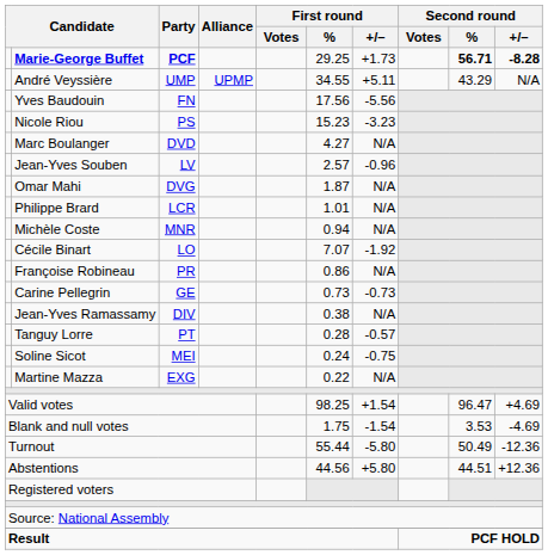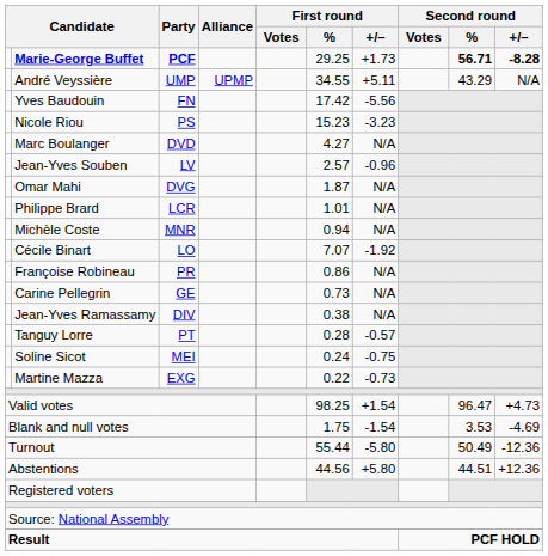 <table class="wikitable" style="text-align:right;font-size:95%;">
 <tr>
 <th rowspan="2" colspan="2">Candidate</th>
 <th rowspan="2">Party</th>
 <th rowspan="2">Alliance</th>
 <th colspan="3">First round</th>
 <th colspan="3">Second round</th>
 </tr>
 <tr>
 <th style="width:50px;">Votes</th>
 <th style="width:45px;">%</th>
 <th style="width:45px;">+/–</th>
 <th style="width:50px;">Votes</th>
 <th style="width:45px;">%</th>
 <th style="width:45px;">+/–</th>
 </tr>
 <tr>
 <td style="color:inherit;background:"></td>
 <td style="text-align:left;"><strong><a href='#'>Marie-George Buffet</a></strong></td>
 <td><a href='#'><strong>PCF</strong></a> </td>
 <td></td>
 <td></td>
 <td>29.25</td>
 <td>+1.73</td>
 <td><strong></strong></td>
 <td><strong>56.71</strong></td>
 <td><strong>-8.28</strong></td>
 </tr>
 <tr>
 <td style="color:inherit;background:"></td>
 <td style="text-align:left;">André Veyssière</td>
 <td><a href='#'>UMP</a> </td>
 <td><a href='#'>UPMP</a> </td>
 <td></td>
 <td>34.55</td>
 <td>+5.11</td>
 <td></td>
 <td>43.29</td>
 <td>N/A</td>
 </tr>
 <tr>
 <td style="color:inherit;background:"></td>
 <td style="text-align:left;">Yves Baudouin</td>
 <td><a href='#'>FN</a></td>
 <td></td>
 <td></td>
-<td>17.56</td>
+<td>17.42</td>
 <td>-5.56</td>
 <td colspan="3" style="background:#E9E9E9;"></td>
 </tr>
 <tr>
 <td style="color:inherit;background:"></td>
 <td style="text-align:left;">Nicole Riou</td>
 <td><a href='#'>PS</a></td>
 <td></td>
 <td></td>
 <td>15.23</td>
 <td>-3.23</td>
 <td colspan="3" style="background:#E9E9E9;"></td>
 </tr>
 <tr>
 <td style="color:inherit;background:"></td>
 <td style="text-align:left;">Marc Boulanger</td>
 <td><a href='#'>DVD</a></td>
 <td></td>
 <td></td>
 <td>4.27</td>
 <td>N/A</td>
 <td colspan="3" style="background:#E9E9E9;"></td>
 </tr>
 <tr>
 <td style="color:inherit;background:"></td>
 <td style="text-align:left;">Jean-Yves Souben</td>
 <td><a href='#'>LV</a></td>
 <td></td>
 <td></td>
 <td>2.57</td>
 <td>-0.96</td>
 <td colspan="3" style="background:#E9E9E9;"></td>
 </tr>
 <tr>
 <td style="color:inherit;background:"></td>
 <td style="text-align:left;">Omar Mahi</td>
 <td><a href='#'>DVG</a></td>
 <td></td>
 <td></td>
 <td>1.87</td>
 <td>N/A</td>
 <td colspan="3" style="background:#E9E9E9;"></td>
 </tr>
 <tr>
 <td style="color:inherit;background:"></td>
 <td style="text-align:left;">Philippe Brard</td>
 <td><a href='#'>LCR</a></td>
 <td></td>
 <td></td>
 <td>1.01</td>
 <td>N/A</td>
 <td colspan="3" style="background:#E9E9E9;"></td>
 </tr>
 <tr>
 <td style="color:inherit;background:"></td>
 <td style="text-align:left;">Michèle Coste</td>
 <td><a href='#'>MNR</a></td>
 <td></td>
 <td></td>
 <td>0.94</td>
 <td>N/A</td>
 <td colspan="3" style="background:#E9E9E9;"></td>
 </tr>
 <tr>
 <td style="color:inherit;background:"></td>
 <td style="text-align:left;">Cécile Binart</td>
 <td><a href='#'>LO</a></td>
 <td></td>
 <td></td>
 <td>7.07</td>
 <td>-1.92</td>
 <td colspan="3" style="background:#E9E9E9;"></td>
 </tr>
 <tr>
 <td style="color:inherit;background:"></td>
 <td style="text-align:left;">Françoise Robineau</td>
 <td><a href='#'>PR</a></td>
 <td></td>
 <td></td>
 <td>0.86</td>
 <td>N/A</td>
 <td colspan="3" style="background:#E9E9E9;"></td>
 </tr>
 <tr>
 <td style="color:inherit;background:"></td>
 <td style="text-align:left;">Carine Pellegrin</td>
 <td><a href='#'>GE</a></td>
 <td></td>
 <td></td>
 <td>0.73</td>
-<td>-0.73</td>
+<td>N/A</td>
 <td colspan="3" style="background:#E9E9E9;"></td>
 </tr>
 <tr>
 <td style="color:inherit;background:"></td>
 <td style="text-align:left;">Jean-Yves Ramassamy</td>
 <td><a href='#'>DIV</a></td>
 <td></td>
 <td></td>
 <td>0.38</td>
 <td>N/A</td>
 <td colspan="3" style="background:#E9E9E9;"></td>
 </tr>
 <tr>
 <td style="color:inherit;background:"></td>
 <td style="text-align:left;">Tanguy Lorre</td>
 <td><a href='#'>PT</a></td>
 <td></td>
 <td></td>
 <td>0.28</td>
 <td>-0.57</td>
 <td colspan="3" style="background:#E9E9E9;"></td>
 </tr>
 <tr>
 <td style="color:inherit;background:"></td>
 <td style="text-align:left;">Soline Sicot</td>
 <td><a href='#'>MEI</a></td>
 <td></td>
 <td></td>
 <td>0.24</td>
 <td>-0.75</td>
 <td colspan="3" style="background:#E9E9E9;"></td>
 </tr>
 <tr>
 <td style="color:inherit;background:"></td>
 <td style="text-align:left;">Martine Mazza</td>
 <td><a href='#'>EXG</a></td>
 <td></td>
 <td></td>
 <td>0.22</td>
-<td>N/A</td>
+<td>-0.73</td>
 <td colspan="3" style="background:#E9E9E9;"></td>
 </tr>
 <tr>
 <td colspan="10" style="background:#E9E9E9;"></td>
 </tr>
 <tr>
 <td colspan="4" style="text-align:left;">Valid votes</td>
 <td></td>
 <td>98.25</td>
 <td>+1.54</td>
 <td></td>
 <td>96.47</td>
-<td>+4.69</td>
+<td>+4.73</td>
 </tr>
 <tr>
 <td colspan="4" style="text-align:left;">Blank and null votes</td>
 <td></td>
 <td>1.75</td>
 <td>-1.54</td>
 <td></td>
 <td>3.53</td>
 <td>-4.69</td>
 </tr>
 <tr>
 <td colspan="4" style="text-align:left;">Turnout</td>
 <td></td>
 <td>55.44</td>
 <td>-5.80</td>
 <td></td>
 <td>50.49</td>
 <td>-12.36</td>
 </tr>
 <tr>
 <td colspan="4" style="text-align:left;">Abstentions</td>
 <td></td>
 <td>44.56</td>
 <td>+5.80</td>
 <td></td>
 <td>44.51</td>
 <td>+12.36</td>
 </tr>
 <tr>
 <td colspan="4" style="text-align:left;">Registered voters</td>
 <td></td>
 <td colspan="2" style="background:#E9E9E9;"></td>
 <td></td>
 <td colspan="2" style="background:#E9E9E9;"></td>
 </tr>
 <tr>
 <td colspan="10" style="background:#E9E9E9;"></td>
 </tr>
 <tr>
 <td colspan="10" style="text-align:left;">Source: <a href='#'>National Assembly</a></td>
 </tr>
 <tr>
 </tr>
 <tr style="font-weight:bold">
 <td colspan="7" style="text-align:left;">Result</td>
 <td colspan="7" style="background-color:">PCF HOLD</td>
 </tr>
 </table>
